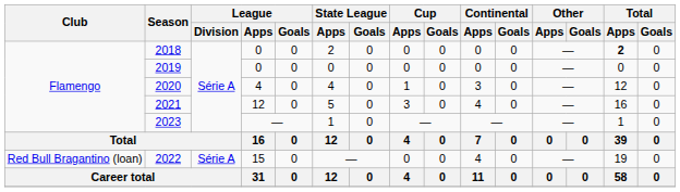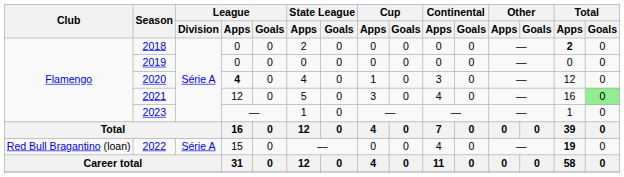 <table class="wikitable" style="text-align: center">
 <tr>
 <th rowspan="2">Club</th>
 <th rowspan="2">Season</th>
 <th colspan="3">League</th>
 <th colspan="2">State League</th>
 <th colspan="2">Cup</th>
 <th colspan="2">Continental</th>
 <th colspan="2">Other</th>
 <th colspan="2">Total</th>
 </tr>
 <tr>
 <th>Division</th>
 <th>Apps</th>
 <th>Goals</th>
 <th>Apps</th>
 <th>Goals</th>
 <th>Apps</th>
 <th>Goals</th>
 <th>Apps</th>
 <th>Goals</th>
 <th>Apps</th>
 <th>Goals</th>
 <th>Apps</th>
 <th>Goals</th>
 </tr>
 <tr>
 <td rowspan="5"><a href='#'>Flamengo</a></td>
 <td><a href='#'>2018</a></td>
 <td rowspan="5"><a href='#'>Série A</a></td>
 <td>0</td>
 <td>0</td>
 <td>2</td>
 <td>0</td>
 <td>0</td>
 <td>0</td>
 <td>0</td>
 <td>0</td>
 <td colspan="2">—</td>
 <td><strong>2</strong></td>
 <td>0</td>
 </tr>
 <tr>
 <td><a href='#'>2019</a></td>
 <td>0</td>
 <td>0</td>
 <td>0</td>
 <td>0</td>
 <td>0</td>
 <td>0</td>
 <td>0</td>
 <td>0</td>
 <td colspan="2">—</td>
 <td>0</td>
 <td>0</td>
 </tr>
 <tr>
 <td><a href='#'>2020</a></td>
-<td>4</td>
+<td><strong>4</strong></td>
 <td>0</td>
 <td>4</td>
 <td>0</td>
 <td>1</td>
 <td>0</td>
 <td>3</td>
 <td>0</td>
 <td colspan="2">—</td>
 <td>12</td>
 <td>0</td>
 </tr>
 <tr>
 <td><a href='#'>2021</a></td>
 <td>12</td>
 <td>0</td>
 <td>5</td>
 <td>0</td>
 <td>3</td>
 <td>0</td>
 <td>4</td>
 <td>0</td>
 <td colspan="2">—</td>
 <td>16</td>
-<td>0</td>
+<td style="background: lightgreen;">0</td>
 </tr>
 <tr>
 <td><a href='#'>2023</a></td>
 <td colspan="2">—</td>
 <td>1</td>
 <td>0</td>
 <td colspan="2">—</td>
 <td colspan="2">—</td>
 <td colspan="2">—</td>
 <td>1</td>
 <td>0</td>
 </tr>
 <tr>
 <th colspan="3"><strong>Total</strong></th>
 <th>16</th>
 <th>0</th>
 <th>12</th>
 <th>0</th>
 <th>4</th>
 <th>0</th>
 <th>7</th>
 <th>0</th>
 <th>0</th>
 <th>0</th>
 <th>39</th>
 <th>0</th>
 </tr>
 <tr>
 <td rowspan="1"><a href='#'>Red Bull Bragantino</a> (loan)</td>
 <td><a href='#'>2022</a></td>
 <td rowspan="1"><a href='#'>Série A</a></td>
 <td>15</td>
 <td>0</td>
 <td colspan="2">—</td>
 <td>0</td>
 <td>0</td>
 <td>4</td>
 <td>0</td>
 <td colspan="2">—</td>
-<td>19</td>
+<td><strong>19</strong></td>
 <td>0</td>
 </tr>
 <tr>
 <th colspan="3"><strong>Career total</strong></th>
 <th>31</th>
 <th>0</th>
 <th>12</th>
 <th>0</th>
 <th>4</th>
 <th>0</th>
 <th>11</th>
 <th>0</th>
 <th>0</th>
 <th>0</th>
 <th>58</th>
 <th>0</th>
 </tr>
 <tr>
 </tr>
 </table>
